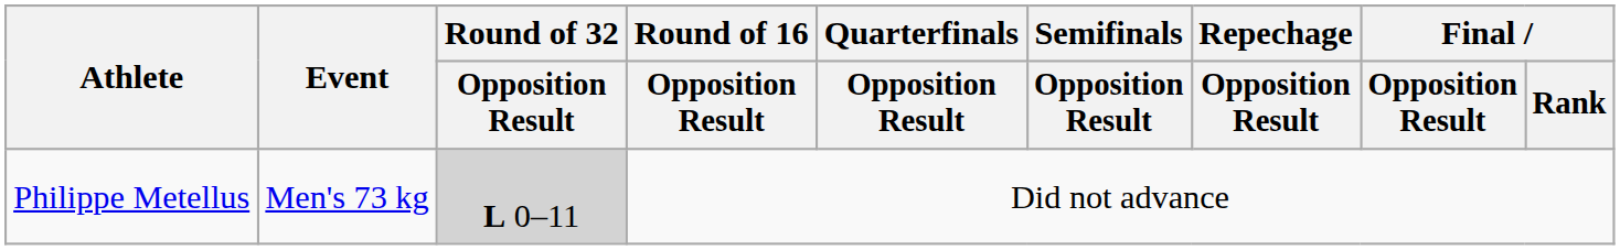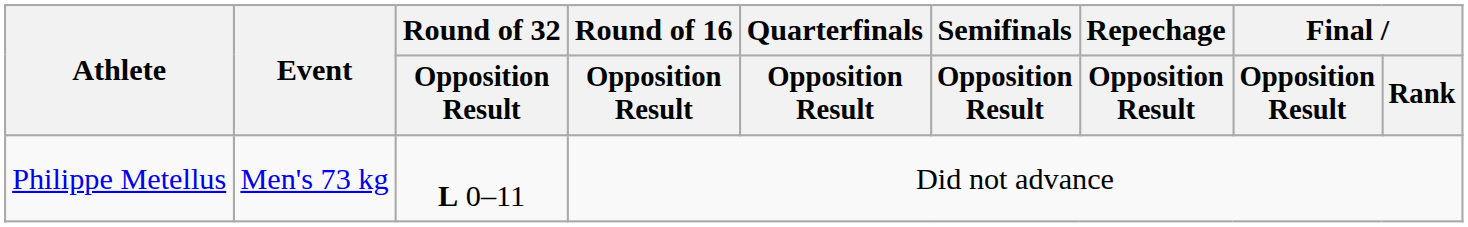 <table class="wikitable" style="font-size:90%">
 <tr>
 <th rowspan="2">Athlete</th>
 <th rowspan=2>Event</th>
 <th>Round of 32</th>
 <th>Round of 16</th>
 <th>Quarterfinals</th>
 <th>Semifinals</th>
 <th>Repechage</th>
 <th colspan=2>Final / </th>
 </tr>
 <tr style="font-size:95%">
 <th>Opposition<br>Result</th>
 <th>Opposition<br>Result</th>
 <th>Opposition<br>Result</th>
 <th>Opposition<br>Result</th>
 <th>Opposition<br>Result</th>
 <th>Opposition<br>Result</th>
 <th>Rank</th>
 </tr>
 <tr align=center>
 <td align=left><a href='#'>Philippe Metellus</a></td>
 <td align=left><a href='#'>Men's 73 kg</a></td>
-<td style="background: lightgrey;"><br><strong>L</strong> 0–11</td>
+<td><br><strong>L</strong> 0–11</td>
 <td colspan="6">Did not advance</td>
 </tr>
 </table>
